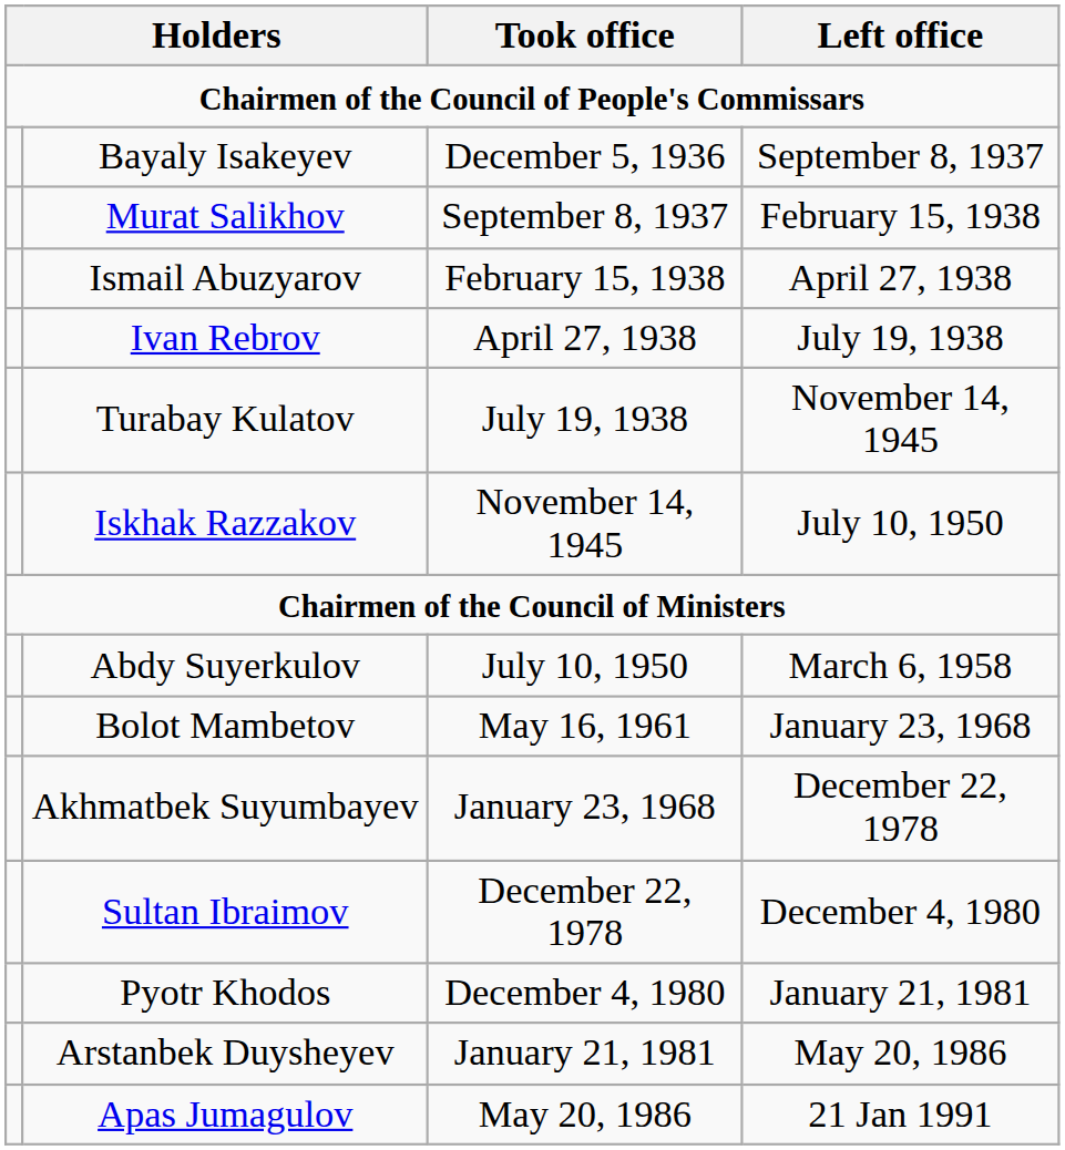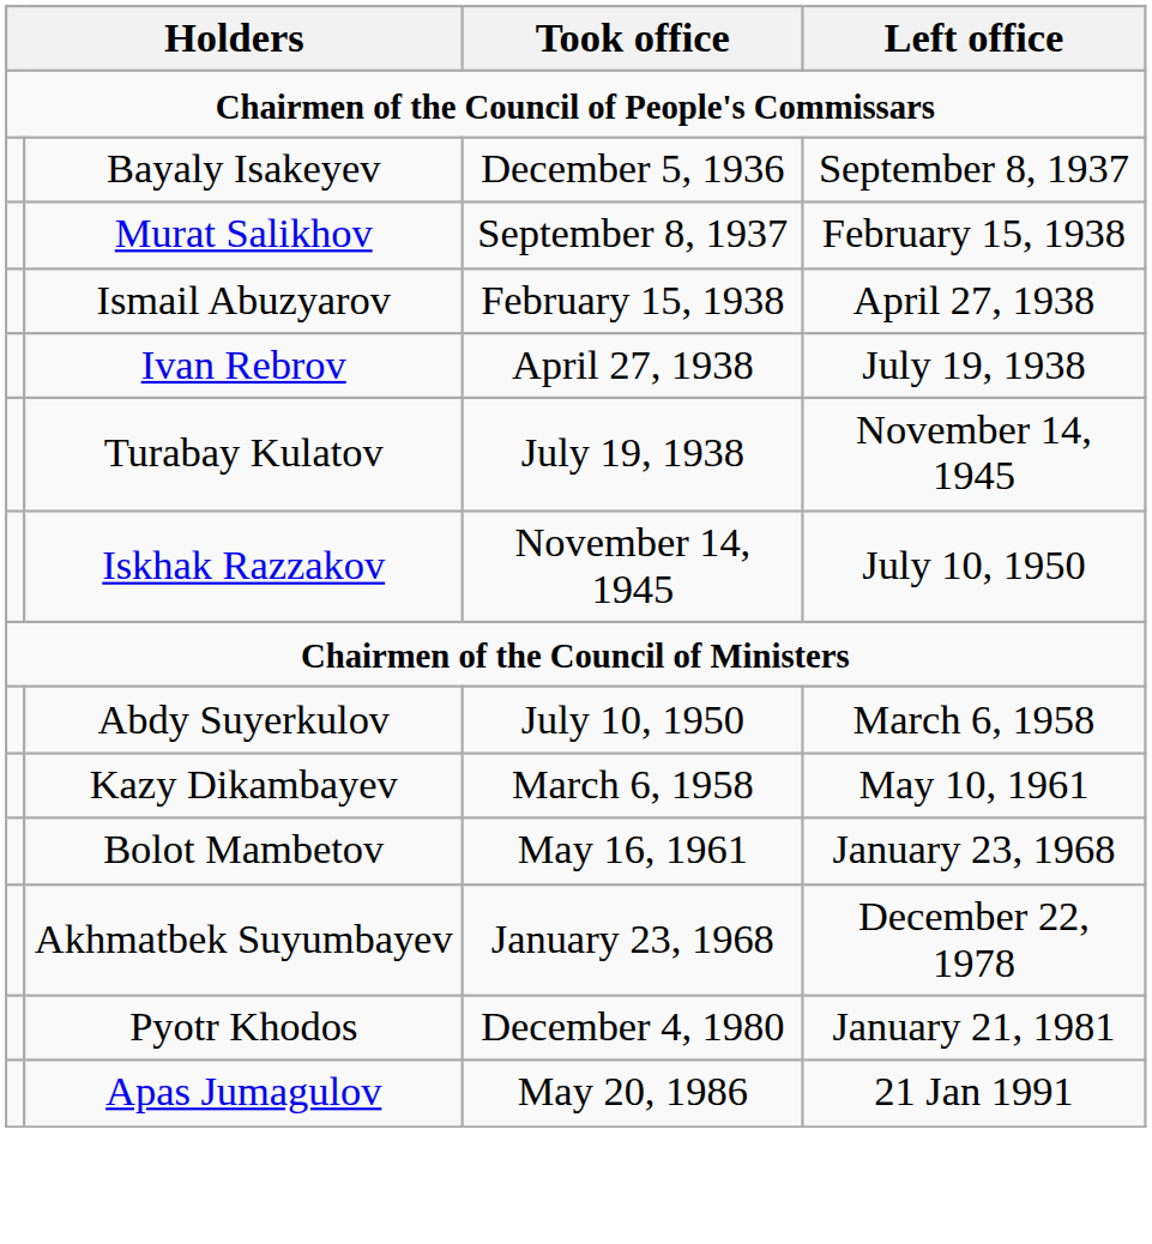 <table class="wikitable" style="text-align:center">
 <tr style="background:#cccccc">
 <th colspan="2" width="150">Holders</th>
 <th rowspan="1" width="125">Took office</th>
 <th rowspan="1" width="125">Left office</th>
 </tr>
 <tr>
 <td colspan="4" align="center"><strong><small>Chairmen of the Council of People's Commissars</small></strong></td>
 </tr>
 <tr>
 <td rowspan="1" style="background-color: "></td>
 <td rowspan=1>Bayaly Isakeyev<br></td>
 <td rowspan=1>December 5, 1936<br></td>
 <td rowspan=1>September 8, 1937<br></td>
 </tr>
 <tr>
 <td rowspan="1" style="background-color: "></td>
 <td rowspan=1><a href='#'>Murat Salikhov</a><br></td>
 <td rowspan=1>September 8, 1937<br></td>
 <td rowspan=1>February 15, 1938<br></td>
 </tr>
 <tr>
 <td rowspan="1" style="background-color: "></td>
 <td rowspan=1>Ismail Abuzyarov<br></td>
 <td rowspan=1>February 15, 1938<br></td>
 <td rowspan=1>April 27, 1938<br></td>
 </tr>
 <tr>
 <td rowspan="1" style="background-color: "></td>
 <td rowspan=1><a href='#'>Ivan Rebrov</a><br></td>
 <td rowspan=1>April 27, 1938<br></td>
 <td rowspan=1>July 19, 1938<br></td>
 </tr>
 <tr>
 <td rowspan="1" style="background-color: "></td>
 <td rowspan=1>Turabay Kulatov<br></td>
 <td rowspan=1>July 19, 1938<br></td>
 <td rowspan=1>November 14, 1945<br></td>
 </tr>
 <tr>
 <td rowspan="1" style="background-color: "></td>
 <td rowspan=1><a href='#'>Iskhak Razzakov</a><br></td>
 <td rowspan=1>November 14, 1945<br></td>
 <td rowspan=1>July 10, 1950<br></td>
 </tr>
 <tr>
 <td colspan="4" align="center"><strong><small>Chairmen of the Council of Ministers</small></strong></td>
 </tr>
 <tr>
 <td rowspan="1" style="background-color: "></td>
 <td rowspan=1>Abdy Suyerkulov <br></td>
 <td rowspan=1>July 10, 1950<br></td>
 <td rowspan=1>March 6, 1958<br></td>
 </tr>
 <tr>
 <td rowspan="1" style="background-color: "></td>
+<td rowspan=1>Kazy Dikambayev<br></td>
+<td rowspan=1>March 6, 1958<br></td>
+<td rowspan=1>May 10, 1961<br></td>
+</tr>
+<tr>
+<td rowspan="1" style="background-color: "></td>
 <td rowspan=1>Bolot Mambetov<br></td>
 <td rowspan=1>May 16, 1961<br></td>
 <td rowspan=1>January 23, 1968<br></td>
 </tr>
 <tr>
 <td rowspan="1" style="background-color: "></td>
 <td rowspan=1>Akhmatbek Suyumbayev<br></td>
 <td rowspan=1>January 23, 1968<br></td>
 <td rowspan=1>December 22, 1978<br></td>
 </tr>
 <tr>
 <td rowspan="1" style="background-color: "></td>
-<td rowspan=1><a href='#'>Sultan Ibraimov</a><br></td>
-<td rowspan=1>December 22, 1978<br></td>
-<td rowspan=1>December 4, 1980<br></td>
-</tr>
-<tr>
-<td rowspan="1" style="background-color: "></td>
 <td rowspan=1>Pyotr Khodos<br></td>
 <td rowspan=1>December 4, 1980<br></td>
 <td rowspan=1>January 21, 1981<br></td>
-</tr>
-<tr>
-<td rowspan="1" style="background-color: "></td>
-<td rowspan=1>Arstanbek Duysheyev<br></td>
-<td rowspan=1>January 21, 1981<br></td>
-<td rowspan=1>May 20, 1986<br></td>
 </tr>
 <tr>
 <td rowspan="1" style="background-color: "></td>
 <td rowspan=1><a href='#'>Apas Jumagulov</a><br></td>
 <td rowspan=1>May 20, 1986<br></td>
 <td rowspan=1>21 Jan 1991  <br></td>
 </tr>
 </table>
